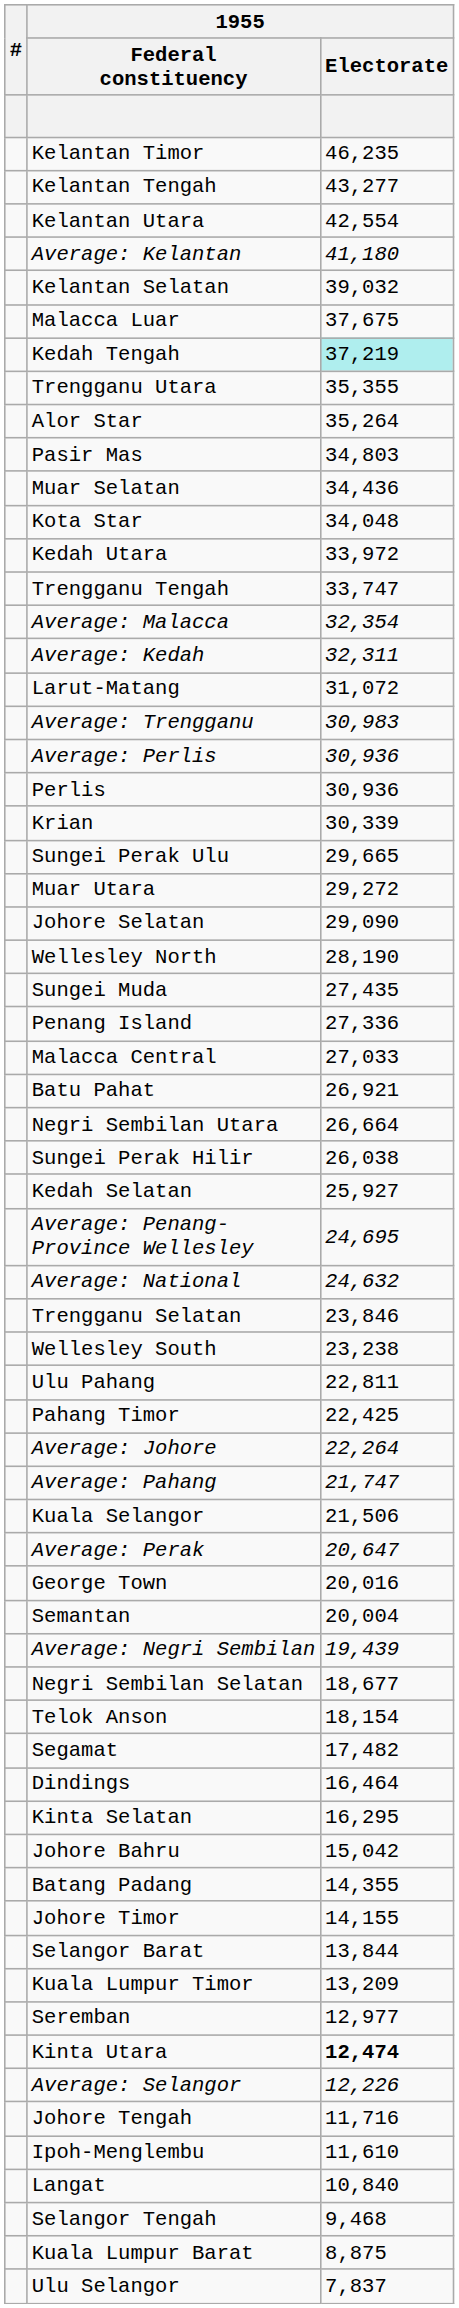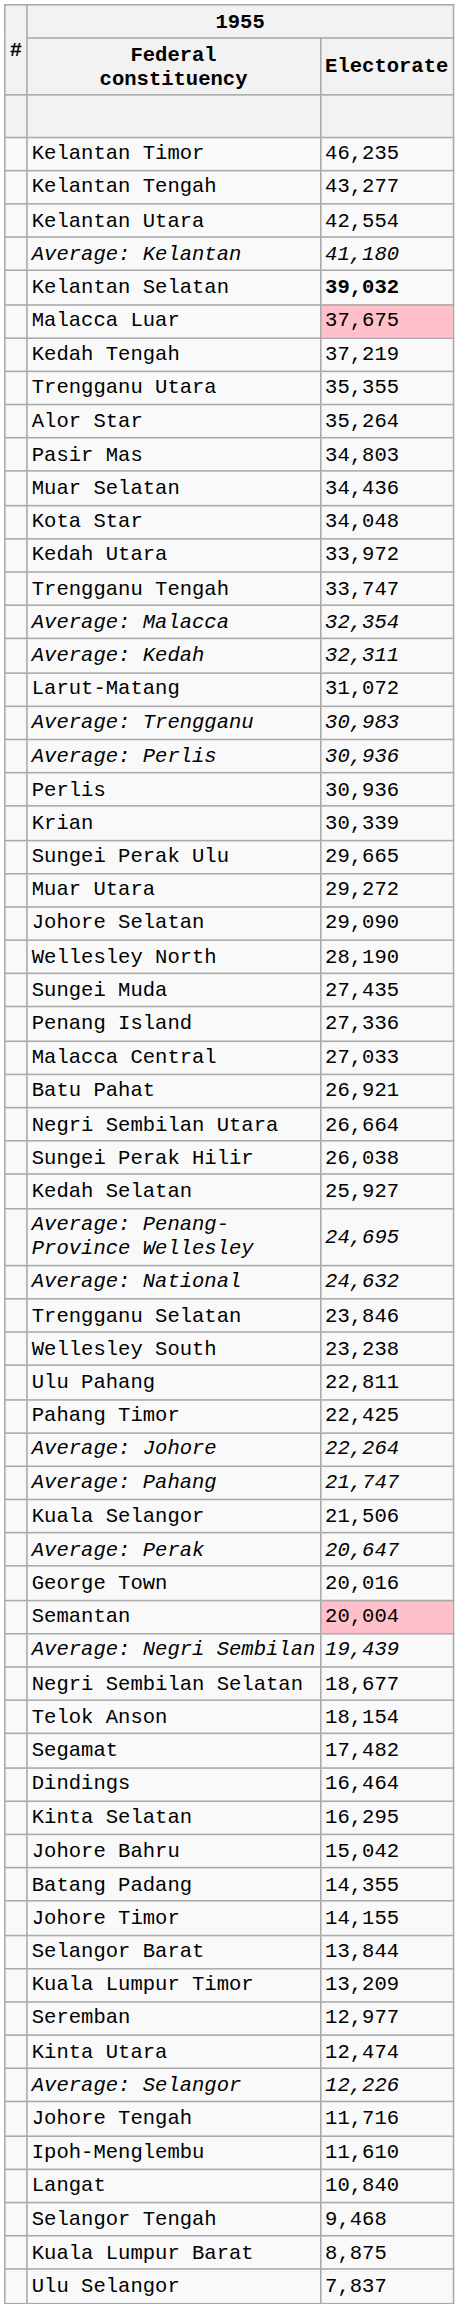 <table class="wikitable sortable">
 <tr>
 <th rowspan=2>#</th>
 <th colspan=2>1955</th>
 </tr>
 <tr>
 <th>Federal<br>constituency</th>
 <th>Electorate</th>
 </tr>
 <tr>
 <th height=20px></th>
 <th></th>
 <th></th>
 </tr>
 <tr>
 <td></td>
 <td>Kelantan Timor</td>
 <td>46,235</td>
 </tr>
 <tr>
 <td></td>
 <td>Kelantan Tengah</td>
 <td>43,277</td>
 </tr>
 <tr>
 <td></td>
 <td>Kelantan Utara</td>
 <td>42,554</td>
 </tr>
 <tr>
 <td></td>
 <td><em>Average: Kelantan</em></td>
 <td><em>41,180</em></td>
 </tr>
 <tr>
 <td></td>
 <td>Kelantan Selatan</td>
-<td>39,032</td>
+<td><strong>39,032</strong></td>
 </tr>
 <tr>
 <td></td>
 <td>Malacca Luar</td>
-<td>37,675</td>
+<td style="background: pink;">37,675</td>
 </tr>
 <tr>
 <td></td>
 <td>Kedah Tengah</td>
-<td style="background: paleturquoise;">37,219</td>
+<td>37,219</td>
 </tr>
 <tr>
 <td></td>
 <td>Trengganu Utara</td>
 <td>35,355</td>
 </tr>
 <tr>
 <td></td>
 <td>Alor Star</td>
 <td>35,264</td>
 </tr>
 <tr>
 <td></td>
 <td>Pasir Mas</td>
 <td>34,803</td>
 </tr>
 <tr>
 <td></td>
 <td>Muar Selatan</td>
 <td>34,436</td>
 </tr>
 <tr>
 <td></td>
 <td>Kota Star</td>
 <td>34,048</td>
 </tr>
 <tr>
 <td></td>
 <td>Kedah Utara</td>
 <td>33,972</td>
 </tr>
 <tr>
 <td></td>
 <td>Trengganu Tengah</td>
 <td>33,747</td>
 </tr>
 <tr>
 <td></td>
 <td><em>Average: Malacca</em></td>
 <td><em>32,354</em></td>
 </tr>
 <tr>
 <td></td>
 <td><em>Average: Kedah</em></td>
 <td><em>32,311</em></td>
 </tr>
 <tr>
 <td></td>
 <td>Larut-Matang</td>
 <td>31,072</td>
 </tr>
 <tr>
 <td></td>
 <td><em>Average: Trengganu</em></td>
 <td><em>30,983</em></td>
 </tr>
 <tr>
 <td></td>
 <td><em>Average: Perlis</em></td>
 <td><em>30,936</em></td>
 </tr>
 <tr>
 <td></td>
 <td>Perlis</td>
 <td>30,936</td>
 </tr>
 <tr>
 <td></td>
 <td>Krian</td>
 <td>30,339</td>
 </tr>
 <tr>
 <td></td>
 <td>Sungei Perak Ulu</td>
 <td>29,665</td>
 </tr>
 <tr>
 <td></td>
 <td>Muar Utara</td>
 <td>29,272</td>
 </tr>
 <tr>
 <td></td>
 <td>Johore Selatan</td>
 <td>29,090</td>
 </tr>
 <tr>
 <td></td>
 <td>Wellesley North</td>
 <td>28,190</td>
 </tr>
 <tr>
 <td></td>
 <td>Sungei Muda</td>
 <td>27,435</td>
 </tr>
 <tr>
 <td></td>
 <td>Penang Island</td>
 <td>27,336</td>
 </tr>
 <tr>
 <td></td>
 <td>Malacca Central</td>
 <td>27,033</td>
 </tr>
 <tr>
 <td></td>
 <td>Batu Pahat</td>
 <td>26,921</td>
 </tr>
 <tr>
 <td></td>
 <td>Negri Sembilan Utara</td>
 <td>26,664</td>
 </tr>
 <tr>
 <td></td>
 <td>Sungei Perak Hilir</td>
 <td>26,038</td>
 </tr>
 <tr>
 <td></td>
 <td>Kedah Selatan</td>
 <td>25,927</td>
 </tr>
 <tr>
 <td></td>
 <td><em>Average: Penang-<br>Province Wellesley</em></td>
 <td><em>24,695</em></td>
 </tr>
 <tr>
 <td></td>
 <td><em>Average: National</em></td>
 <td><em>24,632</em></td>
 </tr>
 <tr>
 <td></td>
 <td>Trengganu Selatan</td>
 <td>23,846</td>
 </tr>
 <tr>
 <td></td>
 <td>Wellesley South</td>
 <td>23,238</td>
 </tr>
 <tr>
 <td></td>
 <td>Ulu Pahang</td>
 <td>22,811</td>
 </tr>
 <tr>
 <td></td>
 <td>Pahang Timor</td>
 <td>22,425</td>
 </tr>
 <tr>
 <td></td>
 <td><em>Average: Johore</em></td>
 <td><em>22,264</em></td>
 </tr>
 <tr>
 <td></td>
 <td><em>Average: Pahang</em></td>
 <td><em>21,747</em></td>
 </tr>
 <tr>
 <td></td>
 <td>Kuala Selangor</td>
 <td>21,506</td>
 </tr>
 <tr>
 <td></td>
 <td><em>Average: Perak</em></td>
 <td><em>20,647</em></td>
 </tr>
 <tr>
 <td></td>
 <td>George Town</td>
 <td>20,016</td>
 </tr>
 <tr>
 <td></td>
 <td>Semantan</td>
-<td>20,004</td>
+<td style="background: pink;">20,004</td>
 </tr>
 <tr>
 <td></td>
 <td><em>Average: Negri Sembilan</em></td>
 <td><em>19,439</em></td>
 </tr>
 <tr>
 <td></td>
 <td>Negri Sembilan Selatan</td>
 <td>18,677</td>
 </tr>
 <tr>
 <td></td>
 <td>Telok Anson</td>
 <td>18,154</td>
 </tr>
 <tr>
 <td></td>
 <td>Segamat</td>
 <td>17,482</td>
 </tr>
 <tr>
 <td></td>
 <td>Dindings</td>
 <td>16,464</td>
 </tr>
 <tr>
 <td></td>
 <td>Kinta Selatan</td>
 <td>16,295</td>
 </tr>
 <tr>
 <td></td>
 <td>Johore Bahru</td>
 <td>15,042</td>
 </tr>
 <tr>
 <td></td>
 <td>Batang Padang</td>
 <td>14,355</td>
 </tr>
 <tr>
 <td></td>
 <td>Johore Timor</td>
 <td>14,155</td>
 </tr>
 <tr>
 <td></td>
 <td>Selangor Barat</td>
 <td>13,844</td>
 </tr>
 <tr>
 <td></td>
 <td>Kuala Lumpur Timor</td>
 <td>13,209</td>
 </tr>
 <tr>
 <td></td>
 <td>Seremban</td>
 <td>12,977</td>
 </tr>
 <tr>
 <td></td>
 <td>Kinta Utara</td>
-<td><strong>12,474</strong></td>
+<td>12,474</td>
 </tr>
 <tr>
 <td></td>
 <td><em>Average: Selangor</em></td>
 <td><em>12,226</em></td>
 </tr>
 <tr>
 <td></td>
 <td>Johore Tengah</td>
 <td>11,716</td>
 </tr>
 <tr>
 <td></td>
 <td>Ipoh-Menglembu</td>
 <td>11,610</td>
 </tr>
 <tr>
 <td></td>
 <td>Langat</td>
 <td>10,840</td>
 </tr>
 <tr>
 <td></td>
 <td>Selangor Tengah</td>
 <td>9,468</td>
 </tr>
 <tr>
 <td></td>
 <td>Kuala Lumpur Barat</td>
 <td>8,875</td>
 </tr>
 <tr>
 <td></td>
 <td>Ulu Selangor</td>
 <td>7,837</td>
 </tr>
 </table>
